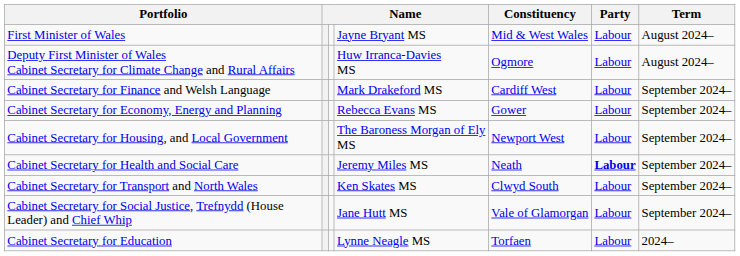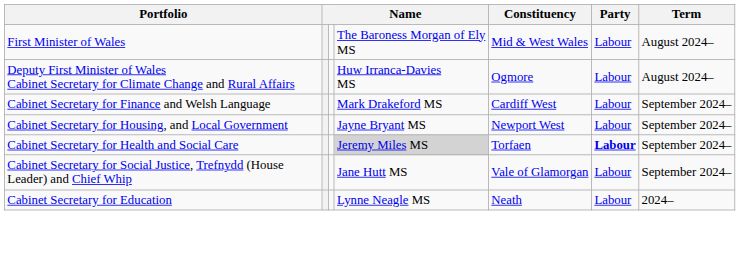 <table class="wikitable">
 <tr>
 <th style="width: 390px">Portfolio</th>
 <th colspan="3">Name</th>
 <th>Constituency</th>
 <th>Party</th>
 <th>Term</th>
 </tr>
 <tr>
 <td><a href='#'>First Minister of Wales</a></td>
 <th style="background-color: "></th>
 <td></td>
-<td><a href='#'>Jayne Bryant</a> MS</td>
+<td><a href='#'>The Baroness Morgan of Ely</a><br>MS</td>
 <td><a href='#'>Mid & West Wales</a></td>
 <td><a href='#'>Labour</a></td>
 <td>August 2024–</td>
 </tr>
 <tr>
 <td><a href='#'>Deputy First Minister of Wales</a><br><a href='#'>Cabinet Secretary for Climate Change</a> and <a href='#'>Rural Affairs</a></td>
 <th style="background-color: "></th>
 <td></td>
 <td><a href='#'>Huw Irranca-Davies</a><br>MS</td>
 <td><a href='#'>Ogmore</a></td>
 <td><a href='#'>Labour</a></td>
 <td>August 2024–</td>
 </tr>
 <tr>
 <td><a href='#'>Cabinet Secretary for Finance</a> and Welsh Language</td>
 <th style="background-color: "></th>
 <td></td>
 <td><a href='#'>Mark Drakeford</a> MS</td>
 <td><a href='#'>Cardiff West</a></td>
 <td><a href='#'>Labour</a></td>
 <td>September 2024–</td>
 </tr>
 <tr>
-<td><a href='#'>Cabinet Secretary for Economy, Energy and Planning</a></td>
-<th style="background-color: "></th>
-<td></td>
-<td><a href='#'>Rebecca Evans</a> MS</td>
-<td><a href='#'>Gower</a></td>
-<td><a href='#'>Labour</a></td>
-<td>September 2024–</td>
-</tr>
-<tr>
 <td><a href='#'>Cabinet Secretary for Housing</a>, and <a href='#'>Local Government</a></td>
 <th style="background-color: "></th>
 <td></td>
-<td><a href='#'>The Baroness Morgan of Ely</a><br>MS</td>
+<td><a href='#'>Jayne Bryant</a> MS</td>
 <td><a href='#'>Newport West</a></td>
 <td><a href='#'>Labour</a></td>
 <td>September 2024–</td>
 </tr>
 <tr>
 <td><a href='#'>Cabinet Secretary for Health and Social Care</a></td>
 <th style="background-color: "></th>
 <td></td>
-<td><a href='#'>Jeremy Miles</a> MS</td>
-<td><a href='#'>Neath</a></td>
+<td style="background: lightgrey;"><a href='#'>Jeremy Miles</a> MS</td>
+<td><a href='#'>Torfaen</a></td>
 <td><strong><a href='#'>Labour</a></strong></td>
-<td>September 2024–</td>
-</tr>
-<tr>
-<td><a href='#'>Cabinet Secretary for Transport</a> and <a href='#'>North Wales</a></td>
-<th style="background-color: "></th>
-<td></td>
-<td><a href='#'>Ken Skates</a> MS</td>
-<td><a href='#'>Clwyd South</a></td>
-<td><a href='#'>Labour</a></td>
 <td>September 2024–</td>
 </tr>
 <tr>
 <td><a href='#'>Cabinet Secretary for Social Justice</a>, <a href='#'>Trefnydd</a> (House Leader) and <a href='#'>Chief Whip</a></td>
 <th style="background-color: "></th>
 <td></td>
 <td><a href='#'>Jane Hutt</a> MS</td>
 <td><a href='#'>Vale of Glamorgan</a></td>
 <td><a href='#'>Labour</a></td>
 <td>September 2024–</td>
 </tr>
 <tr>
 <td><a href='#'>Cabinet Secretary for Education</a></td>
 <th style="background-color: "></th>
 <td></td>
 <td><a href='#'>Lynne Neagle</a> MS</td>
-<td><a href='#'>Torfaen</a></td>
+<td><a href='#'>Neath</a></td>
 <td><a href='#'>Labour</a></td>
 <td>2024–</td>
 </tr>
 </table>
